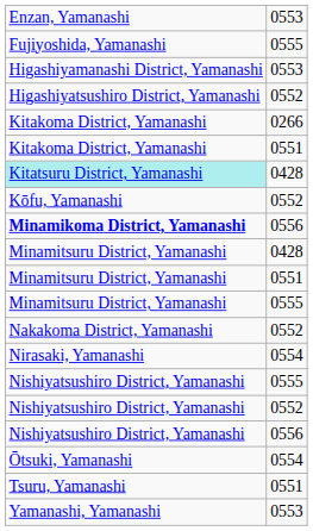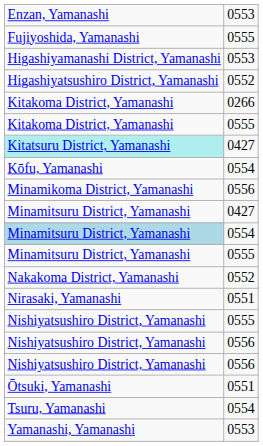 <table class="wikitable">
 <tr>
 <td><a href='#'>Enzan, Yamanashi</a></td>
 <td>0553</td>
 </tr>
 <tr>
 <td><a href='#'>Fujiyoshida, Yamanashi</a></td>
 <td>0555</td>
 </tr>
 <tr>
 <td><a href='#'>Higashiyamanashi District, Yamanashi</a></td>
 <td>0553</td>
 </tr>
 <tr>
 <td><a href='#'>Higashiyatsushiro District, Yamanashi</a></td>
 <td>0552</td>
 </tr>
 <tr>
 <td><a href='#'>Kitakoma District, Yamanashi</a></td>
 <td>0266</td>
 </tr>
 <tr>
 <td><a href='#'>Kitakoma District, Yamanashi</a></td>
-<td>0551</td>
+<td>0555</td>
 </tr>
 <tr>
 <td style="background: paleturquoise;"><a href='#'>Kitatsuru District, Yamanashi</a></td>
-<td>0428</td>
+<td>0427</td>
 </tr>
 <tr>
 <td><a href='#'>Kōfu, Yamanashi</a></td>
-<td>0552</td>
+<td>0554</td>
 </tr>
 <tr>
-<td><strong><a href='#'>Minamikoma District, Yamanashi</a></strong></td>
+<td><a href='#'>Minamikoma District, Yamanashi</a></td>
 <td>0556</td>
 </tr>
 <tr>
 <td><a href='#'>Minamitsuru District, Yamanashi</a></td>
-<td>0428</td>
+<td>0427</td>
 </tr>
 <tr>
-<td><a href='#'>Minamitsuru District, Yamanashi</a></td>
-<td>0551</td>
+<td style="background: lightblue;"><a href='#'>Minamitsuru District, Yamanashi</a></td>
+<td>0554</td>
 </tr>
 <tr>
 <td><a href='#'>Minamitsuru District, Yamanashi</a></td>
 <td>0555</td>
 </tr>
 <tr>
 <td><a href='#'>Nakakoma District, Yamanashi</a></td>
 <td>0552</td>
 </tr>
 <tr>
 <td><a href='#'>Nirasaki, Yamanashi</a></td>
-<td>0554</td>
+<td>0551</td>
 </tr>
 <tr>
 <td><a href='#'>Nishiyatsushiro District, Yamanashi</a></td>
 <td>0555</td>
 </tr>
 <tr>
 <td><a href='#'>Nishiyatsushiro District, Yamanashi</a></td>
-<td>0552</td>
+<td>0556</td>
 </tr>
 <tr>
 <td><a href='#'>Nishiyatsushiro District, Yamanashi</a></td>
 <td>0556</td>
 </tr>
 <tr>
 <td><a href='#'>Ōtsuki, Yamanashi</a></td>
-<td>0554</td>
+<td>0551</td>
 </tr>
 <tr>
 <td><a href='#'>Tsuru, Yamanashi</a></td>
-<td>0551</td>
+<td>0554</td>
 </tr>
 <tr>
 <td><a href='#'>Yamanashi, Yamanashi</a></td>
 <td>0553</td>
 </tr>
 </table>
